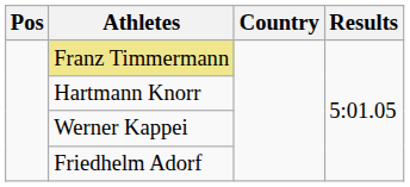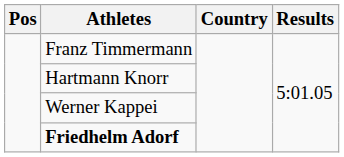 <table class="wikitable">
 <tr>
 <th>Pos</th>
 <th>Athletes</th>
 <th>Country</th>
 <th>Results</th>
 </tr>
 <tr>
 <td rowspan="4"></td>
-<td style="background: khaki;">Franz Timmermann</td>
+<td>Franz Timmermann</td>
 <td rowspan="4"></td>
 <td rowspan="4">5:01.05</td>
 </tr>
 <tr>
 <td>Hartmann Knorr</td>
 </tr>
 <tr>
 <td>Werner Kappei</td>
 </tr>
 <tr>
-<td>Friedhelm Adorf</td>
+<td><strong>Friedhelm Adorf</strong></td>
 </tr>
 </table>
